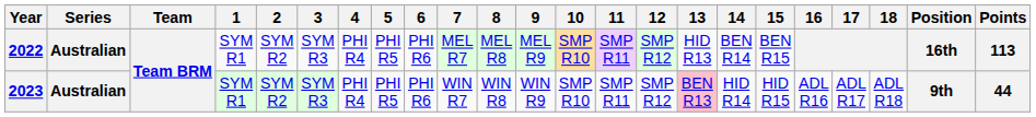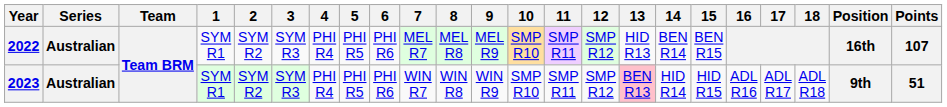 <table class="wikitable" style="text-align:center; font-size:85%">
 <tr>
 <th>Year</th>
 <th>Series</th>
 <th>Team</th>
 <th>1</th>
 <th>2</th>
 <th>3</th>
 <th>4</th>
 <th>5</th>
 <th>6</th>
 <th>7</th>
 <th>8</th>
 <th>9</th>
 <th>10</th>
 <th>11</th>
 <th>12</th>
 <th>13</th>
 <th>14</th>
 <th>15</th>
 <th>16</th>
 <th>17</th>
 <th>18</th>
 <th>Position</th>
 <th>Points</th>
 </tr>
 <tr>
 <th><a href='#'>2022</a></th>
 <th>Australian</th>
 <th rowspan=2 nowrap><a href='#'>Team BRM</a></th>
 <td><a href='#'>SYM<br>R1</a></td>
 <td><a href='#'>SYM<br>R2</a></td>
 <td><a href='#'>SYM<br>R3</a></td>
 <td><a href='#'>PHI<br>R4</a></td>
 <td><a href='#'>PHI<br>R5</a></td>
 <td><a href='#'>PHI<br>R6</a></td>
 <td style=background:#dfffdf><a href='#'>MEL<br>R7</a><br></td>
 <td style=background:#dfffdf><a href='#'>MEL<br>R8</a><br></td>
 <td style=background:#dfffdf><a href='#'>MEL<br>R9</a><br></td>
 <td style=background:#ffdf9f><a href='#'>SMP<br>R10</a><br></td>
 <td style=background:#efcfff><a href='#'>SMP<br>R11</a><br></td>
 <td style=background:#dfffdf><a href='#'>SMP<br>R12</a><br></td>
 <td><a href='#'>HID<br>R13</a></td>
 <td><a href='#'>BEN<br>R14</a></td>
 <td><a href='#'>BEN<br>R15</a></td>
 <th colspan=3></th>
 <th>16th</th>
-<th>113</th>
+<th>107</th>
 </tr>
 <tr>
 <th><a href='#'>2023</a></th>
 <th>Australian</th>
 <td style="background:#dfffdf"><a href='#'>SYM<br>R1</a><br></td>
 <td style="background:#dfffdf"><a href='#'>SYM<br>R2</a><br></td>
 <td style="background:#dfffdf"><a href='#'>SYM<br>R3</a><br></td>
 <td><a href='#'>PHI<br>R4</a></td>
 <td><a href='#'>PHI<br>R5</a></td>
 <td><a href='#'>PHI<br>R6</a></td>
 <td><a href='#'>WIN<br>R7</a></td>
 <td><a href='#'>WIN<br>R8</a></td>
 <td><a href='#'>WIN<br>R9</a></td>
 <td><a href='#'>SMP<br>R10</a></td>
 <td><a href='#'>SMP<br>R11</a></td>
 <td><a href='#'>SMP<br>R12</a></td>
 <td style="background: pink;"><a href='#'>BEN<br>R13</a></td>
 <td><a href='#'>HID<br>R14</a></td>
 <td><a href='#'>HID<br>R15</a></td>
 <td><a href='#'>ADL<br>R16</a></td>
 <td><a href='#'>ADL<br>R17</a></td>
 <td><a href='#'>ADL<br>R18</a></td>
 <th>9th</th>
-<th>44</th>
+<th>51</th>
 </tr>
 </table>
